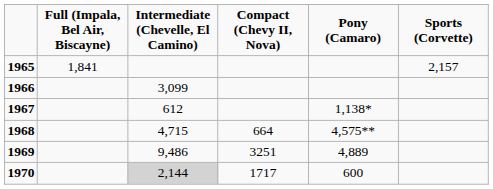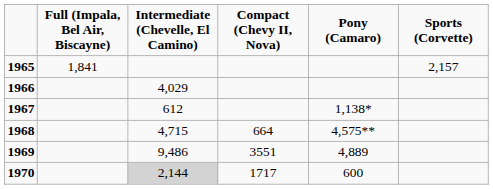 <table class="wikitable" style="text-align: center">
 <tr>
 <td></td>
 <td scope="col" style="width: 100px;"><strong>Full (Impala, Bel Air, Biscayne)</strong></td>
 <td scope="col" style="width: 100px;"><strong>Intermediate (Chevelle, El Camino)</strong></td>
 <td scope="col" style="width: 100px;"><strong>Compact (Chevy II, Nova)</strong></td>
 <td scope="col" style="width: 100px;"><strong>Pony (Camaro)</strong></td>
 <td scope="col" style="width: 100px;"><strong>Sports (Corvette)</strong></td>
 </tr>
 <tr>
 <td><strong>1965</strong></td>
 <td>1,841</td>
 <td></td>
 <td></td>
 <td></td>
 <td>2,157</td>
 </tr>
 <tr>
 <td><strong>1966</strong></td>
 <td></td>
-<td>3,099</td>
+<td>4,029</td>
 <td></td>
 <td></td>
 <td></td>
 </tr>
 <tr>
 <td><strong>1967</strong></td>
 <td></td>
 <td>612</td>
 <td></td>
 <td>1,138*</td>
 <td></td>
 </tr>
 <tr>
 <td><strong>1968</strong></td>
 <td></td>
 <td>4,715</td>
 <td>664</td>
 <td>4,575**</td>
 <td></td>
 </tr>
 <tr>
 <td><strong>1969</strong></td>
 <td></td>
 <td>9,486</td>
-<td>3251</td>
+<td>3551</td>
 <td>4,889</td>
 <td></td>
 </tr>
 <tr>
 <td><strong>1970</strong></td>
 <td></td>
 <td style="background: lightgrey;">2,144</td>
 <td>1717</td>
 <td>600</td>
 <td></td>
 </tr>
 </table>
